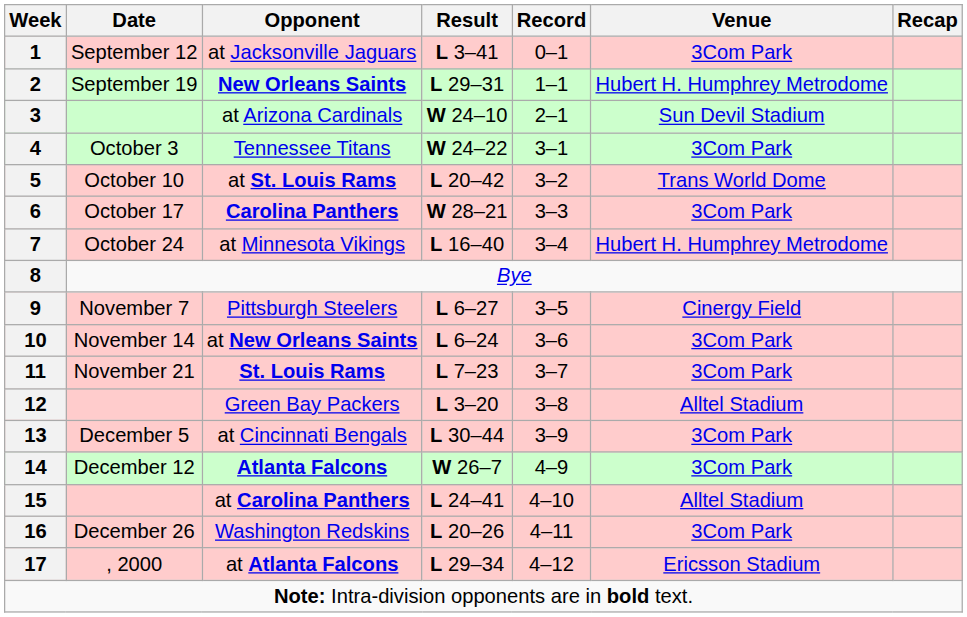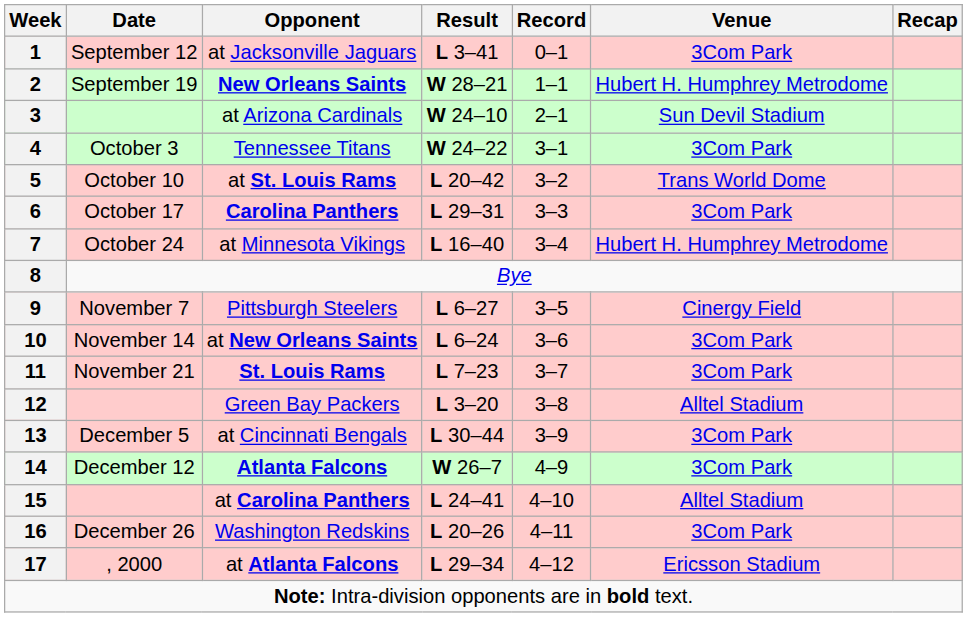 <table class="wikitable" style="text-align:center">
 <tr>
 <th>Week</th>
 <th>Date</th>
 <th>Opponent</th>
 <th>Result</th>
 <th>Record</th>
 <th>Venue</th>
 <th>Recap</th>
 </tr>
 <tr style="background:#fcc">
 <th>1</th>
 <td>September 12</td>
 <td>at <a href='#'>Jacksonville Jaguars</a></td>
 <td><strong>L</strong> 3–41</td>
 <td>0–1</td>
 <td><a href='#'>3Com Park</a></td>
 <td></td>
 </tr>
 <tr style="background:#cfc">
 <th>2</th>
 <td>September 19</td>
 <td><strong><a href='#'>New Orleans Saints</a></strong></td>
-<td><strong>L</strong> 29–31</td>
+<td><strong>W</strong> 28–21</td>
 <td>1–1</td>
 <td><a href='#'>Hubert H. Humphrey Metrodome</a></td>
 <td></td>
 </tr>
 <tr style="background:#cfc">
 <th>3</th>
 <td></td>
 <td>at <a href='#'>Arizona Cardinals</a></td>
 <td><strong>W</strong> 24–10</td>
 <td>2–1</td>
 <td><a href='#'>Sun Devil Stadium</a></td>
 <td></td>
 </tr>
 <tr style="background:#cfc">
 <th>4</th>
 <td>October 3</td>
 <td><a href='#'>Tennessee Titans</a></td>
 <td><strong>W</strong> 24–22</td>
 <td>3–1</td>
 <td><a href='#'>3Com Park</a></td>
 <td></td>
 </tr>
 <tr style="background:#fcc">
 <th>5</th>
 <td>October 10</td>
 <td>at <strong><a href='#'>St. Louis Rams</a></strong></td>
 <td><strong>L</strong> 20–42</td>
 <td>3–2</td>
 <td><a href='#'>Trans World Dome</a></td>
 <td></td>
 </tr>
 <tr style="background:#fcc">
 <th>6</th>
 <td>October 17</td>
 <td><strong><a href='#'>Carolina Panthers</a></strong></td>
-<td><strong>W</strong> 28–21</td>
+<td><strong>L</strong> 29–31</td>
 <td>3–3</td>
 <td><a href='#'>3Com Park</a></td>
 <td></td>
 </tr>
 <tr style="background:#fcc">
 <th>7</th>
 <td>October 24</td>
 <td>at <a href='#'>Minnesota Vikings</a></td>
 <td><strong>L</strong> 16–40</td>
 <td>3–4</td>
 <td><a href='#'>Hubert H. Humphrey Metrodome</a></td>
 <td></td>
 </tr>
 <tr>
 <th>8</th>
 <td colspan="6"><em><a href='#'>Bye</a></em></td>
 </tr>
 <tr style="background:#fcc">
 <th>9</th>
 <td>November 7</td>
 <td><a href='#'>Pittsburgh Steelers</a></td>
 <td><strong>L</strong> 6–27</td>
 <td>3–5</td>
 <td><a href='#'>Cinergy Field</a></td>
 <td></td>
 </tr>
 <tr style="background:#fcc">
 <th>10</th>
 <td>November 14</td>
 <td>at <strong><a href='#'>New Orleans Saints</a></strong></td>
 <td><strong>L</strong> 6–24</td>
 <td>3–6</td>
 <td><a href='#'>3Com Park</a></td>
 <td></td>
 </tr>
 <tr style="background:#fcc">
 <th>11</th>
 <td>November 21</td>
 <td><strong><a href='#'>St. Louis Rams</a></strong></td>
 <td><strong>L</strong> 7–23</td>
 <td>3–7</td>
 <td><a href='#'>3Com Park</a></td>
 <td></td>
 </tr>
 <tr style="background:#fcc">
 <th>12</th>
 <td></td>
 <td><a href='#'>Green Bay Packers</a></td>
 <td><strong>L</strong> 3–20</td>
 <td>3–8</td>
 <td><a href='#'>Alltel Stadium</a></td>
 <td></td>
 </tr>
 <tr style="background:#fcc">
 <th>13</th>
 <td>December 5</td>
 <td>at <a href='#'>Cincinnati Bengals</a></td>
 <td><strong>L</strong> 30–44</td>
 <td>3–9</td>
 <td><a href='#'>3Com Park</a></td>
 <td></td>
 </tr>
 <tr style="background:#cfc">
 <th>14</th>
 <td>December 12</td>
 <td><strong><a href='#'>Atlanta Falcons</a></strong></td>
 <td><strong>W</strong> 26–7</td>
 <td>4–9</td>
 <td><a href='#'>3Com Park</a></td>
 <td></td>
 </tr>
 <tr style="background:#fcc">
 <th>15</th>
 <td></td>
 <td>at <strong><a href='#'>Carolina Panthers</a></strong></td>
 <td><strong>L</strong> 24–41</td>
 <td>4–10</td>
 <td><a href='#'>Alltel Stadium</a></td>
 <td></td>
 </tr>
 <tr style="background:#fcc">
 <th>16</th>
 <td>December 26</td>
 <td><a href='#'>Washington Redskins</a></td>
 <td><strong>L</strong> 20–26 </td>
 <td>4–11</td>
 <td><a href='#'>3Com Park</a></td>
 <td></td>
 </tr>
 <tr style="background:#fcc">
 <th>17</th>
 <td>, 2000</td>
 <td>at <strong><a href='#'>Atlanta Falcons</a></strong></td>
 <td><strong>L</strong> 29–34</td>
 <td>4–12</td>
 <td><a href='#'>Ericsson Stadium</a></td>
 <td></td>
 </tr>
 <tr>
 <td colspan="8"><strong>Note:</strong> Intra-division opponents are in <strong>bold</strong> text.</td>
 </tr>
 </table>
